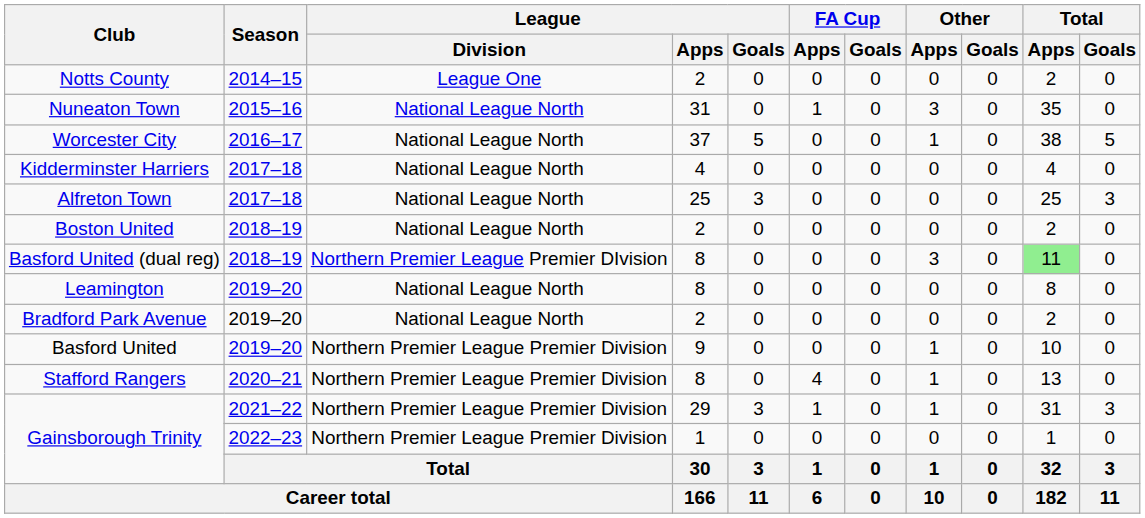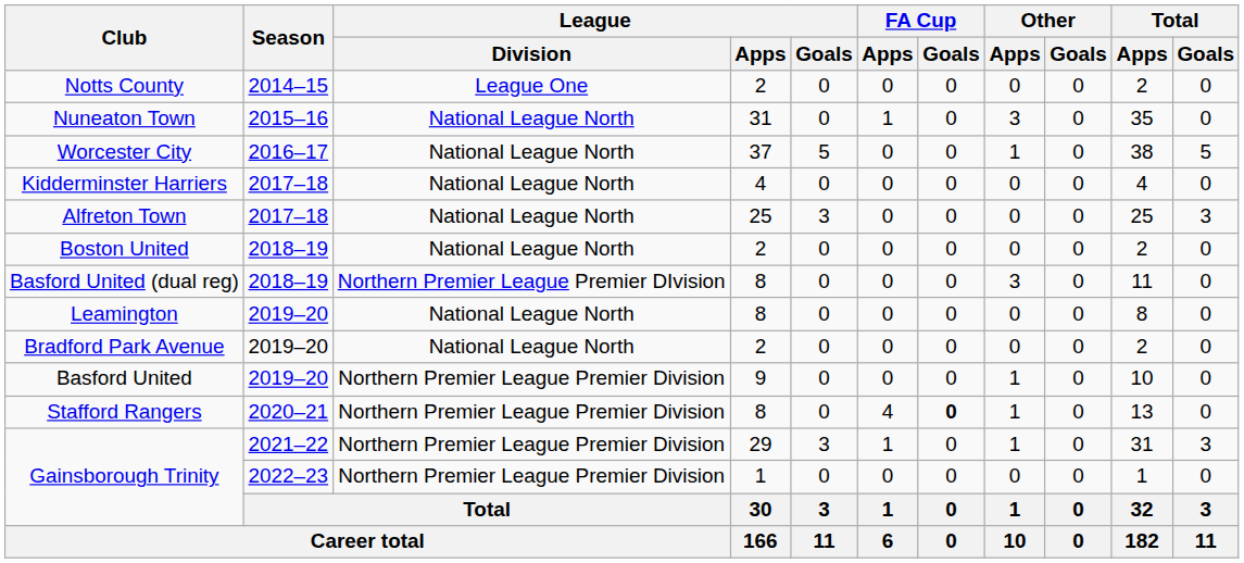 <table class="wikitable" style="text-align:center">
 <tr>
 <th rowspan="2">Club</th>
 <th rowspan="2">Season</th>
 <th colspan="3">League</th>
 <th colspan="2"><a href='#'>FA Cup</a></th>
 <th colspan="2">Other</th>
 <th colspan="2">Total</th>
 </tr>
 <tr>
 <th>Division</th>
 <th>Apps</th>
 <th>Goals</th>
 <th>Apps</th>
 <th>Goals</th>
 <th>Apps</th>
 <th>Goals</th>
 <th>Apps</th>
 <th>Goals</th>
 </tr>
 <tr>
 <td><a href='#'>Notts County</a></td>
 <td><a href='#'>2014–15</a></td>
 <td><a href='#'>League One</a></td>
 <td>2</td>
 <td>0</td>
 <td>0</td>
 <td>0</td>
 <td>0</td>
 <td>0</td>
 <td>2</td>
 <td>0</td>
 </tr>
 <tr>
 <td><a href='#'>Nuneaton Town</a></td>
 <td><a href='#'>2015–16</a></td>
 <td><a href='#'>National League North</a></td>
 <td>31</td>
 <td>0</td>
 <td>1</td>
 <td>0</td>
 <td>3</td>
 <td>0</td>
 <td>35</td>
 <td>0</td>
 </tr>
 <tr>
 <td><a href='#'>Worcester City</a></td>
 <td><a href='#'>2016–17</a></td>
 <td>National League North</td>
 <td>37</td>
 <td>5</td>
 <td>0</td>
 <td>0</td>
 <td>1</td>
 <td>0</td>
 <td>38</td>
 <td>5</td>
 </tr>
 <tr>
 <td><a href='#'>Kidderminster Harriers</a></td>
 <td><a href='#'>2017–18</a></td>
 <td>National League North</td>
 <td>4</td>
 <td>0</td>
 <td>0</td>
 <td>0</td>
 <td>0</td>
 <td>0</td>
 <td>4</td>
 <td>0</td>
 </tr>
 <tr>
 <td><a href='#'>Alfreton Town</a></td>
 <td><a href='#'>2017–18</a></td>
 <td>National League North</td>
 <td>25</td>
 <td>3</td>
 <td>0</td>
 <td>0</td>
 <td>0</td>
 <td>0</td>
 <td>25</td>
 <td>3</td>
 </tr>
 <tr>
 <td><a href='#'>Boston United</a></td>
 <td><a href='#'>2018–19</a></td>
 <td>National League North</td>
 <td>2</td>
 <td>0</td>
 <td>0</td>
 <td>0</td>
 <td>0</td>
 <td>0</td>
 <td>2</td>
 <td>0</td>
 </tr>
 <tr>
 <td><a href='#'>Basford United</a> (dual reg)</td>
 <td><a href='#'>2018–19</a></td>
 <td><a href='#'>Northern Premier League</a> Premier DIvision</td>
 <td>8</td>
 <td>0</td>
 <td>0</td>
 <td>0</td>
 <td>3</td>
 <td>0</td>
-<td style="background: lightgreen;">11</td>
+<td>11</td>
 <td>0</td>
 </tr>
 <tr>
 <td><a href='#'>Leamington</a></td>
 <td><a href='#'>2019–20</a></td>
 <td>National League North</td>
 <td>8</td>
 <td>0</td>
 <td>0</td>
 <td>0</td>
 <td>0</td>
 <td>0</td>
 <td>8</td>
 <td>0</td>
 </tr>
 <tr>
 <td><a href='#'>Bradford Park Avenue</a></td>
 <td>2019–20</td>
 <td>National League North</td>
 <td>2</td>
 <td>0</td>
 <td>0</td>
 <td>0</td>
 <td>0</td>
 <td>0</td>
 <td>2</td>
 <td>0</td>
 </tr>
 <tr>
 <td>Basford United</td>
 <td><a href='#'>2019–20</a></td>
 <td>Northern Premier League Premier Division</td>
 <td>9</td>
 <td>0</td>
 <td>0</td>
 <td>0</td>
 <td>1</td>
 <td>0</td>
 <td>10</td>
 <td>0</td>
 </tr>
 <tr>
 <td><a href='#'>Stafford Rangers</a></td>
 <td><a href='#'>2020–21</a></td>
 <td>Northern Premier League Premier Division</td>
 <td>8</td>
 <td>0</td>
 <td>4</td>
-<td>0</td>
+<td><strong>0</strong></td>
 <td>1</td>
 <td>0</td>
 <td>13</td>
 <td>0</td>
 </tr>
 <tr>
 <td rowspan="3"><a href='#'>Gainsborough Trinity</a></td>
 <td><a href='#'>2021–22</a></td>
 <td>Northern Premier League Premier Division</td>
 <td>29</td>
 <td>3</td>
 <td>1</td>
 <td>0</td>
 <td>1</td>
 <td>0</td>
 <td>31</td>
 <td>3</td>
 </tr>
 <tr>
 <td><a href='#'>2022–23</a></td>
 <td>Northern Premier League Premier Division</td>
 <td>1</td>
 <td>0</td>
 <td>0</td>
 <td>0</td>
 <td>0</td>
 <td>0</td>
 <td>1</td>
 <td>0</td>
 </tr>
 <tr>
 <th colspan="2">Total</th>
 <th>30</th>
 <th>3</th>
 <th>1</th>
 <th>0</th>
 <th>1</th>
 <th>0</th>
 <th>32</th>
 <th>3</th>
 </tr>
 <tr>
 <th colspan="3">Career total</th>
 <th>166</th>
 <th>11</th>
 <th>6</th>
 <th>0</th>
 <th>10</th>
 <th>0</th>
 <th>182</th>
 <th>11</th>
 </tr>
 </table>
